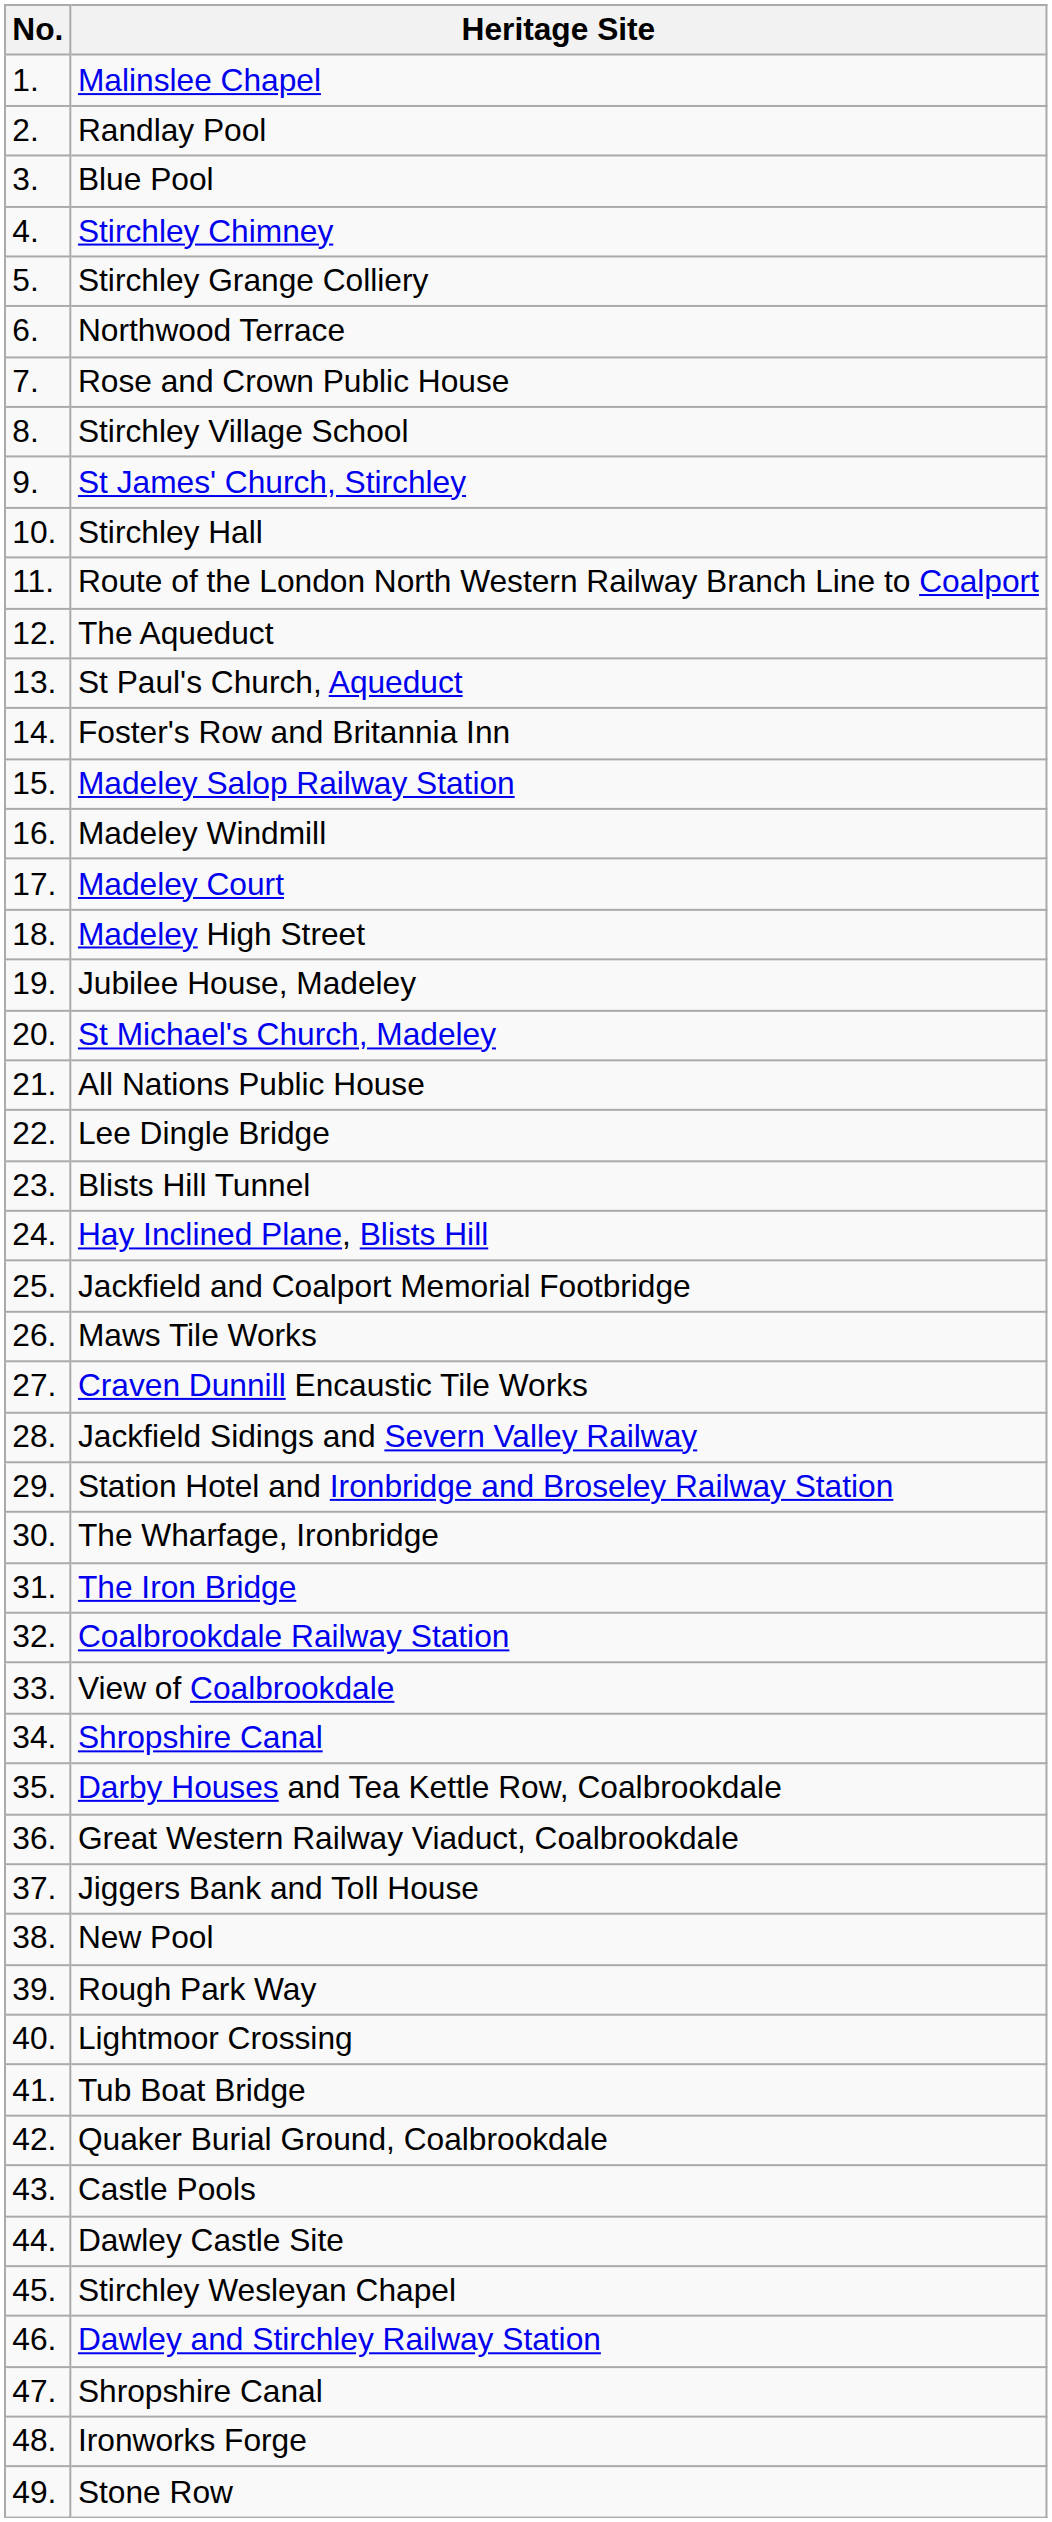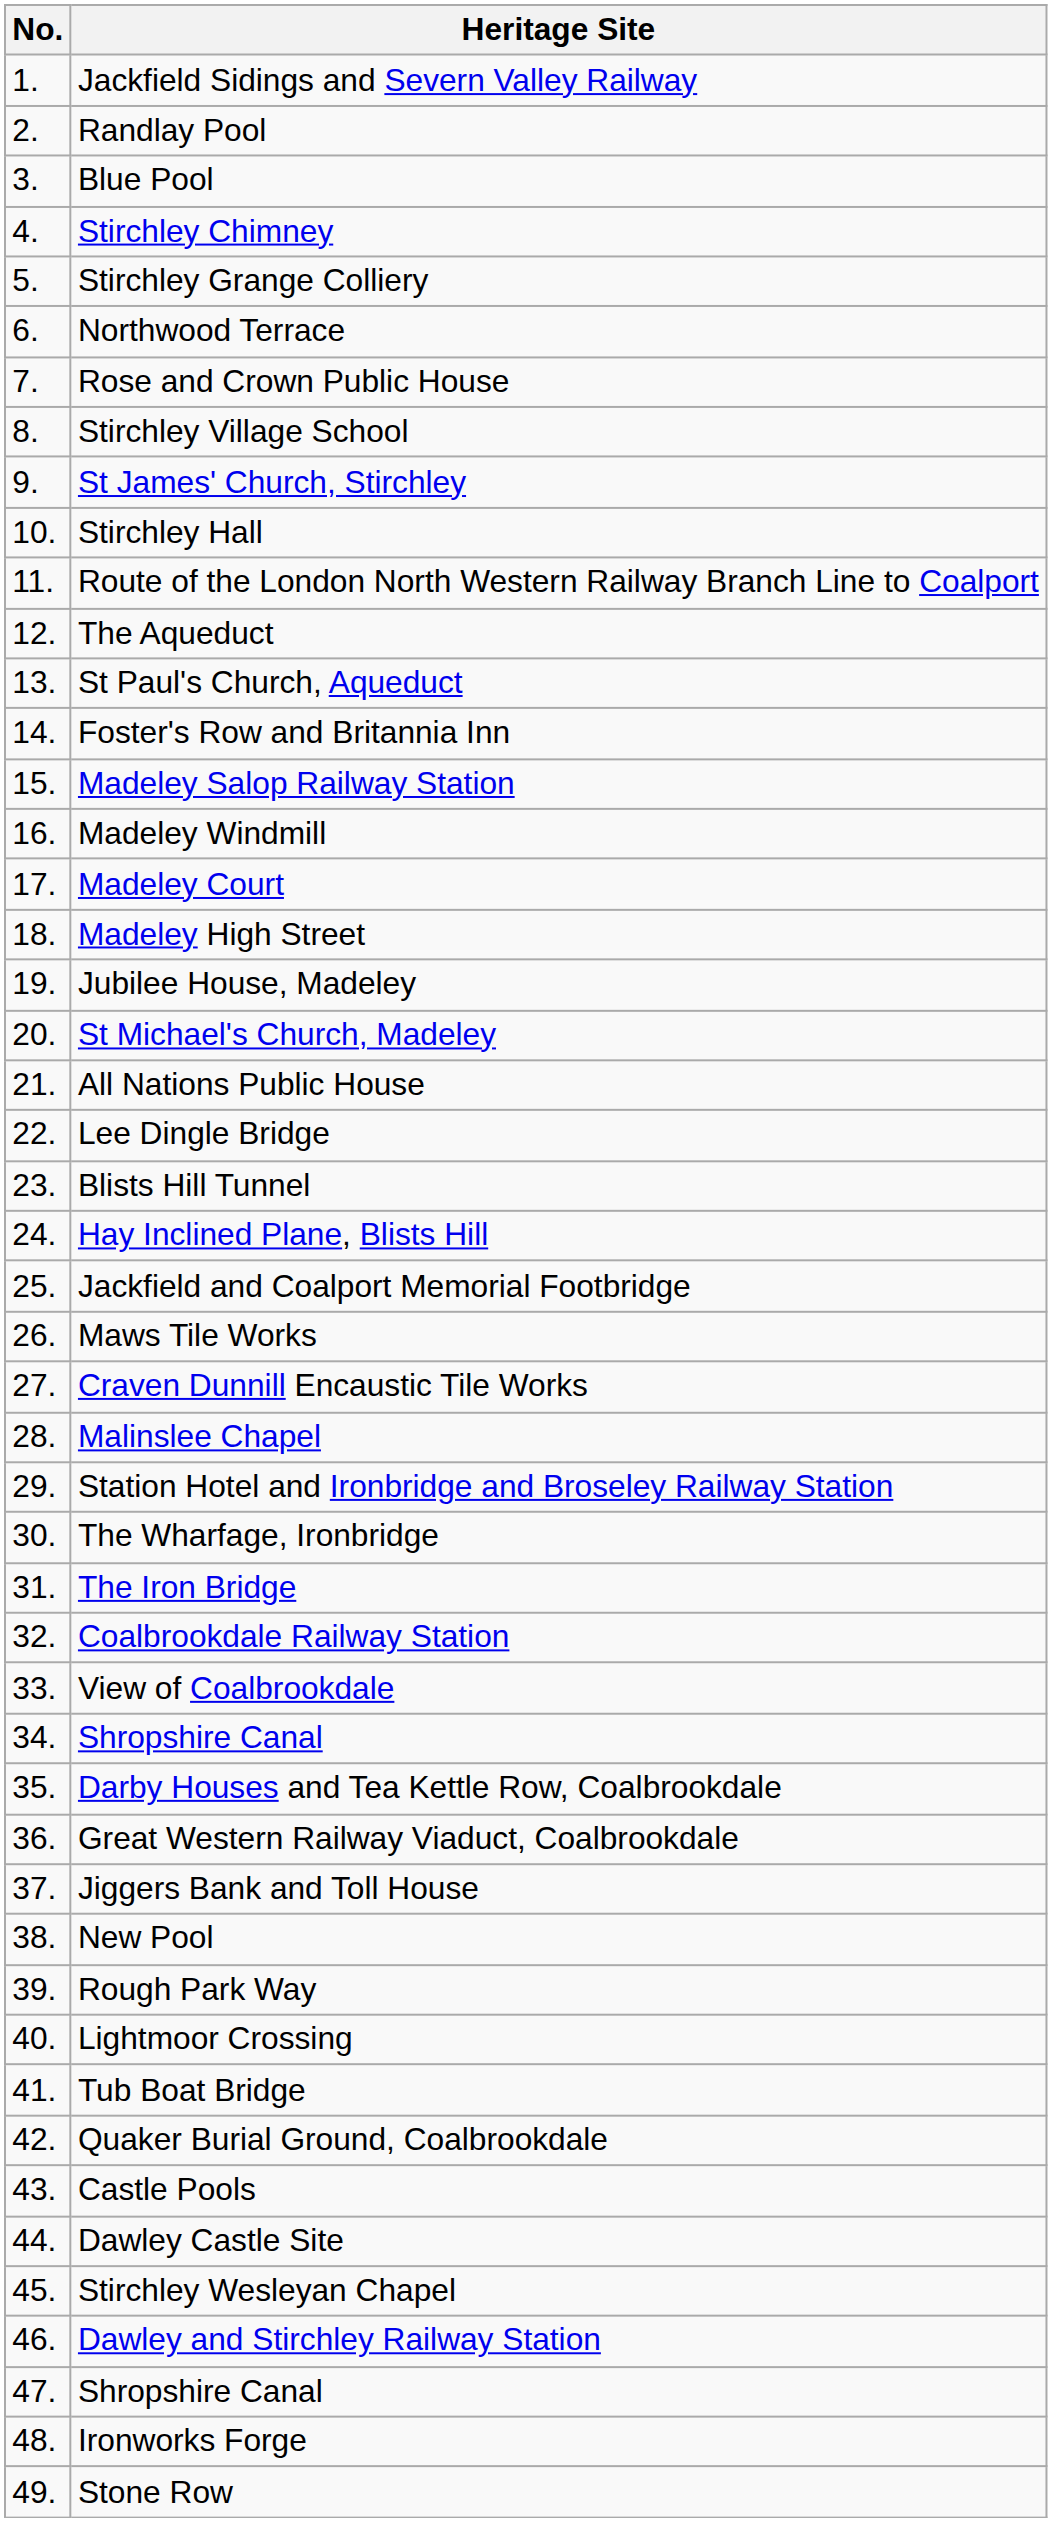 <table class="wikitable">
 <tr>
 <th>No.</th>
 <th>Heritage Site</th>
 </tr>
 <tr>
 <td>1.</td>
-<td><a href='#'>Malinslee Chapel</a></td>
+<td>Jackfield Sidings and <a href='#'>Severn Valley Railway</a></td>
 </tr>
 <tr>
 <td>2.</td>
 <td>Randlay Pool</td>
 </tr>
 <tr>
 <td>3.</td>
 <td>Blue Pool</td>
 </tr>
 <tr>
 <td>4.</td>
 <td><a href='#'>Stirchley Chimney</a></td>
 </tr>
 <tr>
 <td>5.</td>
 <td>Stirchley Grange Colliery</td>
 </tr>
 <tr>
 <td>6.</td>
 <td>Northwood Terrace</td>
 </tr>
 <tr>
 <td>7.</td>
 <td>Rose and Crown Public House</td>
 </tr>
 <tr>
 <td>8.</td>
 <td>Stirchley Village School</td>
 </tr>
 <tr>
 <td>9.</td>
 <td><a href='#'>St James' Church, Stirchley</a></td>
 </tr>
 <tr>
 <td>10.</td>
 <td>Stirchley Hall</td>
 </tr>
 <tr>
 <td>11.</td>
 <td>Route of the London North Western Railway Branch Line to <a href='#'>Coalport</a></td>
 </tr>
 <tr>
 <td>12.</td>
 <td>The Aqueduct</td>
 </tr>
 <tr>
 <td>13.</td>
 <td>St Paul's Church, <a href='#'>Aqueduct</a></td>
 </tr>
 <tr>
 <td>14.</td>
 <td>Foster's Row and Britannia Inn</td>
 </tr>
 <tr>
 <td>15.</td>
 <td><a href='#'>Madeley Salop Railway Station</a></td>
 </tr>
 <tr>
 <td>16.</td>
 <td>Madeley Windmill</td>
 </tr>
 <tr>
 <td>17.</td>
 <td><a href='#'>Madeley Court</a></td>
 </tr>
 <tr>
 <td>18.</td>
 <td><a href='#'>Madeley</a> High Street</td>
 </tr>
 <tr>
 <td>19.</td>
 <td>Jubilee House, Madeley</td>
 </tr>
 <tr>
 <td>20.</td>
 <td><a href='#'>St Michael's Church, Madeley</a></td>
 </tr>
 <tr>
 <td>21.</td>
 <td>All Nations Public House</td>
 </tr>
 <tr>
 <td>22.</td>
 <td>Lee Dingle Bridge</td>
 </tr>
 <tr>
 <td>23.</td>
 <td>Blists Hill Tunnel</td>
 </tr>
 <tr>
 <td>24.</td>
 <td><a href='#'>Hay Inclined Plane</a>, <a href='#'>Blists Hill</a></td>
 </tr>
 <tr>
 <td>25.</td>
 <td>Jackfield and Coalport Memorial Footbridge</td>
 </tr>
 <tr>
 <td>26.</td>
 <td>Maws Tile Works</td>
 </tr>
 <tr>
 <td>27.</td>
 <td><a href='#'>Craven Dunnill</a> Encaustic Tile Works</td>
 </tr>
 <tr>
 <td>28.</td>
-<td>Jackfield Sidings and <a href='#'>Severn Valley Railway</a></td>
+<td><a href='#'>Malinslee Chapel</a></td>
 </tr>
 <tr>
 <td>29.</td>
 <td>Station Hotel and <a href='#'>Ironbridge and Broseley Railway Station</a></td>
 </tr>
 <tr>
 <td>30.</td>
 <td>The Wharfage, Ironbridge</td>
 </tr>
 <tr>
 <td>31.</td>
 <td><a href='#'>The Iron Bridge</a></td>
 </tr>
 <tr>
 <td>32.</td>
 <td><a href='#'>Coalbrookdale Railway Station</a></td>
 </tr>
 <tr>
 <td>33.</td>
 <td>View of <a href='#'>Coalbrookdale</a></td>
 </tr>
 <tr>
 <td>34.</td>
 <td><a href='#'>Shropshire Canal</a></td>
 </tr>
 <tr>
 <td>35.</td>
 <td><a href='#'>Darby Houses</a> and Tea Kettle Row, Coalbrookdale</td>
 </tr>
 <tr>
 <td>36.</td>
 <td>Great Western Railway Viaduct, Coalbrookdale</td>
 </tr>
 <tr>
 <td>37.</td>
 <td>Jiggers Bank and Toll House</td>
 </tr>
 <tr>
 <td>38.</td>
 <td>New Pool</td>
 </tr>
 <tr>
 <td>39.</td>
 <td>Rough Park Way</td>
 </tr>
 <tr>
 <td>40.</td>
 <td>Lightmoor Crossing</td>
 </tr>
 <tr>
 <td>41.</td>
 <td>Tub Boat Bridge</td>
 </tr>
 <tr>
 <td>42.</td>
 <td>Quaker Burial Ground, Coalbrookdale</td>
 </tr>
 <tr>
 <td>43.</td>
 <td>Castle Pools</td>
 </tr>
 <tr>
 <td>44.</td>
 <td>Dawley Castle Site</td>
 </tr>
 <tr>
 <td>45.</td>
 <td>Stirchley Wesleyan Chapel</td>
 </tr>
 <tr>
 <td>46.</td>
 <td><a href='#'>Dawley and Stirchley Railway Station</a></td>
 </tr>
 <tr>
 <td>47.</td>
 <td>Shropshire Canal</td>
 </tr>
 <tr>
 <td>48.</td>
 <td>Ironworks Forge</td>
 </tr>
 <tr>
 <td>49.</td>
 <td>Stone Row</td>
 </tr>
 </table>
